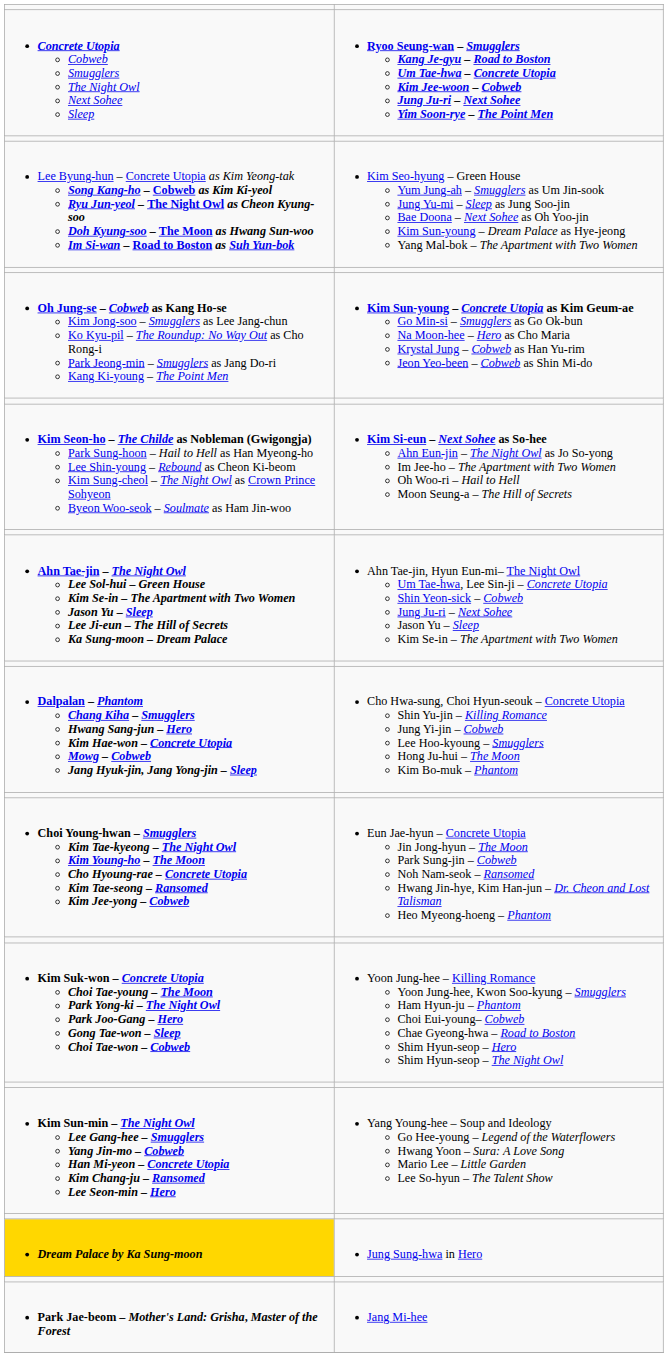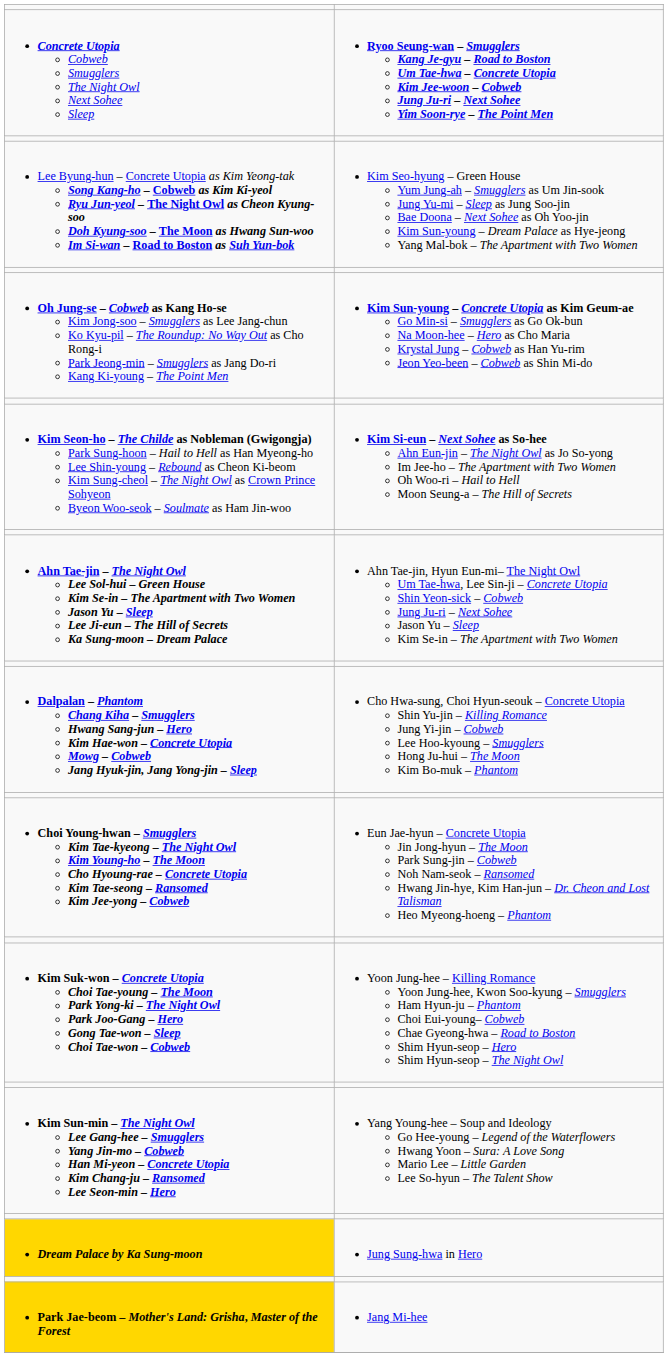 <table class="wikitable">
 <tr>
 <td style="width:500px;"></td>
 <td style="width:500px;"></td>
 </tr>
 <tr>
 <td valign="top"><br><ul><li><strong><em><a href='#'>Concrete Utopia</a></em></strong><ul><li><em><a href='#'>Cobweb</a></em></li><li><em><a href='#'>Smugglers</a></em></li><li><em><a href='#'>The Night Owl</a></em></li><li><em><a href='#'>Next Sohee</a></em></li><li><em><a href='#'>Sleep</a></em></li></ul></li></ul></td>
 <td valign="top"><br><ul><li><strong><a href='#'>Ryoo Seung-wan</a> – <em><a href='#'>Smugglers</a><strong><em><ul><li><a href='#'>Kang Je-gyu</a> – </em><a href='#'>Road to Boston</a><em></li><li><a href='#'>Um Tae-hwa</a> – </em><a href='#'>Concrete Utopia</a><em></li><li><a href='#'>Kim Jee-woon</a> – </em><a href='#'>Cobweb</a><em></li><li><a href='#'>Jung Ju-ri</a> – </em><a href='#'>Next Sohee</a><em></li><li><a href='#'>Yim Soon-rye</a> – </em><a href='#'>The Point Men</a><em></li></ul></li></ul></td>
 </tr>
 <tr>
 <td></td>
 <td></td>
 </tr>
 <tr>
 <td valign="top"><br><ul><li></strong><a href='#'>Lee Byung-hun</a> – </em><a href='#'>Concrete Utopia</a><em> as Kim Yeong-tak<strong><ul><li><a href='#'>Song Kang-ho</a> – </em><a href='#'>Cobweb</a><em> as Kim Ki-yeol</li><li><a href='#'>Ryu Jun-yeol</a> – </em><a href='#'>The Night Owl</a><em> as Cheon Kyung-soo</li><li><a href='#'>Doh Kyung-soo</a> – </em><a href='#'>The Moon</a><em> as Hwang Sun-woo</li><li><a href='#'>Im Si-wan</a> – </em><a href='#'>Road to Boston</a><em> as <a href='#'>Suh Yun-bok</a></li></ul></li></ul></td>
 <td valign="top"><br><ul><li></strong><a href='#'>Kim Seo-hyung</a> – </em>Green House</em></strong><ul><li><a href='#'>Yum Jung-ah</a> – <em><a href='#'>Smugglers</a></em> as Um Jin-sook</li><li><a href='#'>Jung Yu-mi</a> – <em><a href='#'>Sleep</a></em> as Jung Soo-jin</li><li><a href='#'>Bae Doona</a> – <em><a href='#'>Next Sohee</a></em> as Oh Yoo-jin</li><li><a href='#'>Kim Sun-young</a>  – <em>Dream Palace</em> as Hye-jeong</li><li>Yang Mal-bok – <em>The Apartment with Two Women</em></li></ul></li></ul></td>
 </tr>
 <tr>
 <td></td>
 <td></td>
 </tr>
 <tr>
 <td valign="top"><br><ul><li><strong><a href='#'>Oh Jung-se</a> – <em><a href='#'>Cobweb</a></em> as Kang Ho-se</strong><ul><li><a href='#'>Kim Jong-soo</a> – <em><a href='#'>Smugglers</a></em> as Lee Jang-chun</li><li><a href='#'>Ko Kyu-pil</a> – <em><a href='#'>The Roundup: No Way Out</a></em> as Cho Rong-i</li><li><a href='#'>Park Jeong-min</a> – <em><a href='#'>Smugglers</a></em> as Jang Do-ri</li><li><a href='#'>Kang Ki-young</a> – <em><a href='#'>The Point Men</a></em></li></ul></li></ul></td>
 <td valign="top"><br><ul><li><strong><a href='#'>Kim Sun-young</a>  – <em><a href='#'>Concrete Utopia</a></em> as Kim Geum-ae</strong><ul><li><a href='#'>Go Min-si</a> – <em><a href='#'>Smugglers</a></em> as Go Ok-bun</li><li><a href='#'>Na Moon-hee</a> – <em><a href='#'>Hero</a></em> as Cho Maria</li><li><a href='#'>Krystal Jung</a> – <em><a href='#'>Cobweb</a></em> as Han Yu-rim</li><li><a href='#'>Jeon Yeo-been</a> – <em><a href='#'>Cobweb</a></em> as Shin Mi-do</li></ul></li></ul></td>
 </tr>
 <tr>
 <td style="width:500px;"></td>
 <td style="width:500px;"></td>
 </tr>
 <tr>
 <td valign="top"><br><ul><li><strong><a href='#'>Kim Seon-ho</a> – <em><a href='#'>The Childe</a></em> as Nobleman (Gwigongja)</strong><ul><li><a href='#'>Park Sung-hoon</a> – <em>Hail to Hell</em> as Han Myeong-ho</li><li><a href='#'>Lee Shin-young</a> – <em><a href='#'>Rebound</a></em> as Cheon Ki-beom</li><li><a href='#'>Kim Sung-cheol</a> – <em><a href='#'>The Night Owl</a></em> as <a href='#'>Crown Prince Sohyeon</a></li><li><a href='#'>Byeon Woo-seok</a> – <em><a href='#'>Soulmate</a></em> as Ham Jin-woo</li></ul></li></ul></td>
 <td valign="top"><br><ul><li><strong><a href='#'>Kim Si-eun</a> – <em><a href='#'>Next Sohee</a></em> as So-hee</strong><ul><li><a href='#'>Ahn Eun-jin</a> – <em><a href='#'>The Night Owl</a></em> as Jo So-yong</li><li>Im Jee-ho – <em>The Apartment with Two Women</em></li><li>Oh Woo-ri – <em>Hail to Hell</em></li><li>Moon Seung-a – <em>The Hill of Secrets</em></li></ul></li></ul></td>
 </tr>
 <tr>
 <td style="width:500px;"></td>
 <td style="width:500px;"></td>
 </tr>
 <tr>
 <td valign="top"><br><ul><li><strong><a href='#'>Ahn Tae-jin</a> – <em><a href='#'>The Night Owl</a><strong><em><ul><li>Lee Sol-hui – </em>Green House<em></li><li>Kim Se-in –</em> The Apartment with Two Women<em></li><li>Jason Yu – </em><a href='#'>Sleep</a><em></li><li>Lee Ji-eun – </em>The Hill of Secrets<em></li><li>Ka Sung-moon – </em>Dream Palace<em></li></ul></li></ul></td>
 <td valign="top"><br><ul><li></strong>Ahn Tae-jin, Hyun Eun-mi– </em><a href='#'>The Night Owl</a></em></strong><ul><li><a href='#'>Um Tae-hwa</a>, Lee Sin-ji – <em><a href='#'>Concrete Utopia</a></em></li><li><a href='#'>Shin Yeon-sick</a> – <em><a href='#'>Cobweb</a></em></li><li><a href='#'>Jung Ju-ri</a> – <em><a href='#'>Next Sohee</a></em></li><li>Jason Yu – <em><a href='#'>Sleep</a></em></li><li>Kim Se-in – <em>The Apartment with Two Women</em></li></ul></li></ul></td>
 </tr>
 <tr>
 <td style="width:500px;"></td>
 <td style="width:500px;"></td>
 </tr>
 <tr>
 <td valign="top"><br><ul><li><strong><a href='#'>Dalpalan</a> – <em><a href='#'>Phantom</a><strong><em><ul><li><a href='#'>Chang Kiha</a> – </em><a href='#'>Smugglers</a><em></li><li>Hwang Sang-jun – </em> <a href='#'>Hero</a> <em></li><li>Kim Hae-won – </em><a href='#'>Concrete Utopia</a><em></li><li><a href='#'>Mowg</a> – </em><a href='#'>Cobweb</a><em></li><li>Jang Hyuk-jin, Jang Yong-jin – </em><a href='#'>Sleep</a><em></li></ul></li></ul></td>
 <td valign="top"><br><ul><li></strong>Cho Hwa-sung, Choi Hyun-seouk – </em><a href='#'>Concrete Utopia</a></em></strong><ul><li>Shin Yu-jin – <em><a href='#'>Killing Romance</a></em></li><li>Jung Yi-jin – <em><a href='#'>Cobweb</a></em></li><li>Lee Hoo-kyoung – <em><a href='#'>Smugglers</a></em></li><li>Hong Ju-hui – <em><a href='#'>The Moon</a></em></li><li>Kim Bo-muk – <em><a href='#'>Phantom</a></em></li></ul></li></ul></td>
 </tr>
 <tr>
 <td style="width:500px;"></td>
 <td style="width:500px;"></td>
 </tr>
 <tr>
 <td valign="top"><br><ul><li><strong>Choi Young-hwan – <em><a href='#'>Smugglers</a><strong><em><ul><li>Kim Tae-kyeong – </em><a href='#'>The Night Owl</a><em></li><li><a href='#'>Kim Young-ho</a> – </em><a href='#'>The Moon</a><em></li><li>Cho Hyoung-rae – </em><a href='#'>Concrete Utopia</a><em></li><li>Kim Tae-seong – </em><a href='#'>Ransomed</a><em></li><li>Kim Jee-yong – </em><a href='#'>Cobweb</a><em></li></ul></li></ul></td>
 <td valign="top"><br><ul><li></strong>Eun Jae-hyun – </em><a href='#'>Concrete Utopia</a></em></strong><ul><li>Jin Jong-hyun – <em><a href='#'>The Moon</a></em></li><li>Park Sung-jin – <em><a href='#'>Cobweb</a></em></li><li>Noh Nam-seok – <em><a href='#'>Ransomed</a></em></li><li>Hwang Jin-hye, Kim Han-jun – <em><a href='#'>Dr. Cheon and Lost Talisman</a></em></li><li>Heo Myeong-hoeng – <em><a href='#'>Phantom</a></em></li></ul></li></ul></td>
 </tr>
 <tr>
 <td style="width:500px;"></td>
 <td style="width:500px;"></td>
 </tr>
 <tr>
 <td valign="top"><br><ul><li><strong>Kim Suk-won – <em><a href='#'>Concrete Utopia</a><strong><em><ul><li>Choi Tae-young – </em><a href='#'>The Moon</a><em></li><li>Park Yong-ki – </em><a href='#'>The Night Owl</a><em></li><li>Park Joo-Gang – </em><a href='#'>Hero</a><em></li><li>Gong Tae-won – </em><a href='#'>Sleep</a><em></li><li>Choi Tae-won – </em><a href='#'>Cobweb</a><em></li></ul></li></ul></td>
 <td valign="top"><br><ul><li></strong>Yoon Jung-hee – </em><a href='#'>Killing Romance</a></em></strong><ul><li>Yoon Jung-hee, Kwon Soo-kyung – <em><a href='#'>Smugglers</a></em></li><li>Ham Hyun-ju – <em><a href='#'>Phantom</a></em></li><li>Choi Eui-young– <em><a href='#'>Cobweb</a></em></li><li>Chae Gyeong-hwa – <em><a href='#'>Road to Boston</a></em></li><li>Shim Hyun-seop – <em><a href='#'>Hero</a></em></li><li>Shim Hyun-seop – <em><a href='#'>The Night Owl</a></em></li></ul></li></ul></td>
 </tr>
 <tr>
 <td style="width:500px;"></td>
 <td style="width:500px;"></td>
 </tr>
 <tr>
 <td valign="top"><br><ul><li><strong>Kim Sun-min – <em><a href='#'>The Night Owl</a><strong><em><ul><li>Lee Gang-hee – </em><a href='#'>Smugglers</a><em></li><li>Yang Jin-mo – </em><a href='#'>Cobweb</a><em></li><li>Han Mi-yeon – </em><a href='#'>Concrete Utopia</a><em></li><li>Kim Chang-ju – </em><a href='#'>Ransomed</a><em></li><li>Lee Seon-min – </em><a href='#'>Hero</a><em></li></ul></li></ul></td>
 <td valign="top"><br><ul><li></strong>Yang Young-hee – </em>Soup and Ideology</em></strong><ul><li>Go Hee-young – <em>Legend of the Waterflowers</em></li><li>Hwang Yoon – <em>Sura: A Love Song</em></li><li>Mario Lee – <em>Little Garden</em></li><li>Lee So-hyun – <em>The Talent Show</em></li></ul></li></ul></td>
 </tr>
 <tr>
 <td style="vertical-align:top; width:50%;"></td>
 <td style="vertical-align:top; width:50%;"></td>
 </tr>
 <tr>
 <td valign="top" style="background: gold;"><br><ul><li><strong><em>Dream Palace<em> by Ka Sung-moon<strong></li></ul></td>
 <td valign="top"><br><ul><li></strong><a href='#'>Jung Sung-hwa</a> in </em><a href='#'>Hero</a></em></strong></li></ul></td>
 </tr>
 <tr>
 <td style="vertical-align:top; width:50%;"></td>
 <td style="vertical-align:top; width:50%;"></td>
 </tr>
 <tr>
-<td valign="top"><br><ul><li><strong>Park Jae-beom – <em>Mother's Land: Grisha</em>,  <em>Master of the Forest<strong><em></li></ul></td>
+<td valign="top" style="background: gold;"><br><ul><li><strong>Park Jae-beom – <em>Mother's Land: Grisha</em>,  <em>Master of the Forest<strong><em></li></ul></td>
 <td valign="top"><br><ul><li></strong><a href='#'>Jang Mi-hee</a><strong></li></ul></td>
 </tr>
 <tr>
 </tr>
 </table>
